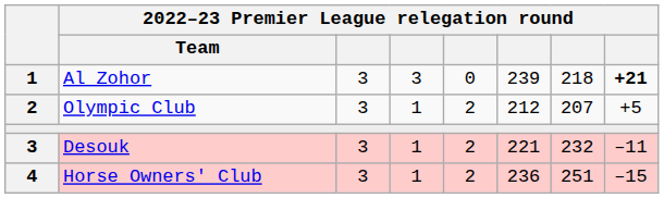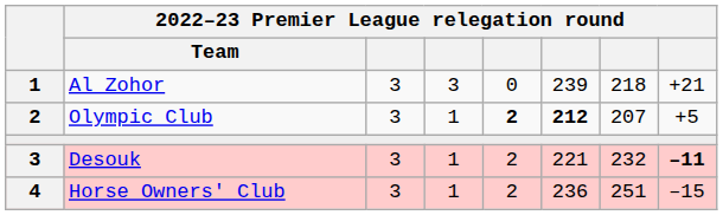 <table class="wikitable" style="font-size:95%; text-align:center">
 <tr>
 <th rowspan="2" width="30px"></th>
 <th colspan="7" style="text-align:center">2022–23 Premier League relegation round</th>
 </tr>
 <tr>
 <th width="180px">Team</th>
 <th width="30px"></th>
 <th width="30px"></th>
 <th width="30px"></th>
 <th width="30px"></th>
 <th width="30px"></th>
 <th width="30px"></th>
 </tr>
 <tr>
 <th>1</th>
 <td style="text-align:left;"><a href='#'>Al Zohor</a></td>
 <td>3</td>
 <td>3</td>
 <td>0</td>
 <td>239</td>
 <td>218</td>
-<td><strong>+21</strong></td>
+<td>+21</td>
 </tr>
 <tr>
 <th>2</th>
 <td style="text-align:left;"><a href='#'>Olympic Club</a></td>
 <td>3</td>
 <td>1</td>
-<td>2</td>
-<td>212</td>
+<td><strong>2</strong></td>
+<td><strong>212</strong></td>
 <td>207</td>
 <td>+5</td>
 </tr>
 <tr style="background-color:#eee">
 <td colspan="8"></td>
 </tr>
 <tr bgcolor="#fcc">
 <th>3</th>
 <td style="text-align:left;"><a href='#'>Desouk</a></td>
 <td>3</td>
 <td>1</td>
 <td>2</td>
 <td>221</td>
 <td>232</td>
-<td>–11</td>
+<td><strong>–11</strong></td>
 </tr>
 <tr bgcolor="#fcc">
 <th>4</th>
 <td style="text-align:left;"><a href='#'>Horse Owners' Club</a></td>
 <td>3</td>
 <td>1</td>
 <td>2</td>
 <td>236</td>
 <td>251</td>
 <td>–15</td>
 </tr>
 </table>
